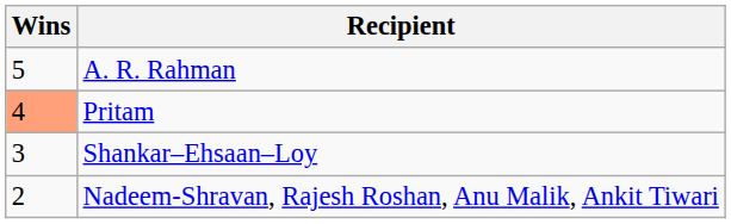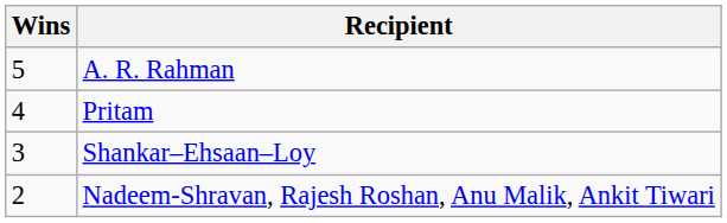 <table class="wikitable">
 <tr>
 <th>Wins</th>
 <th>Recipient</th>
 </tr>
 <tr>
 <td>5</td>
 <td><a href='#'>A. R. Rahman</a></td>
 </tr>
 <tr>
-<td style="background: lightsalmon;">4</td>
+<td>4</td>
 <td><a href='#'>Pritam</a></td>
 </tr>
 <tr>
 <td>3</td>
 <td><a href='#'>Shankar–Ehsaan–Loy</a></td>
 </tr>
 <tr>
 <td>2</td>
 <td><a href='#'>Nadeem-Shravan</a>, <a href='#'>Rajesh Roshan</a>, <a href='#'>Anu Malik</a>, <a href='#'>Ankit Tiwari</a></td>
 </tr>
 </table>
